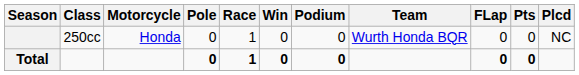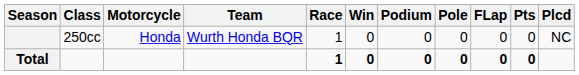 <table class="wikitable">
 <tr>
 <th>Season</th>
 <th>Class</th>
 <th>Motorcycle</th>
-<th>Pole</th>
+<th>Team</th>
 <th>Race</th>
 <th>Win</th>
 <th>Podium</th>
-<th>Team</th>
+<th>Pole</th>
 <th>FLap</th>
 <th>Pts</th>
 <th>Plcd</th>
 </tr>
 <tr align="right">
 <th></th>
 <td>250cc</td>
 <td><a href='#'>Honda</a></td>
-<td>0</td>
+<td><a href='#'>Wurth Honda BQR</a></td>
 <td>1</td>
 <td>0</td>
 <td>0</td>
-<td><a href='#'>Wurth Honda BQR</a></td>
+<td>0</td>
 <td>0</td>
 <td>0</td>
 <td>NC</td>
 </tr>
 <tr align="right">
 <th>Total</th>
 <td></td>
 <td></td>
-<td><strong>0</strong></td>
+<td></td>
 <td><strong>1</strong></td>
 <td><strong>0</strong></td>
 <td><strong>0</strong></td>
-<td></td>
+<td><strong>0</strong></td>
 <td><strong>0</strong></td>
 <td><strong>0</strong></td>
 <td></td>
 </tr>
 </table>
